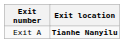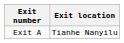 <table class="wikitable">
 <tr>
 <th style="width:70px" colspan="2">Exit number</th>
 <th>Exit location</th>
 </tr>
 <tr>
 <td align="center" colspan="2">Exit A</td>
-<td><strong>Tianhe Nanyilu</strong></td>
+<td>Tianhe Nanyilu</td>
 </tr>
 </table>
